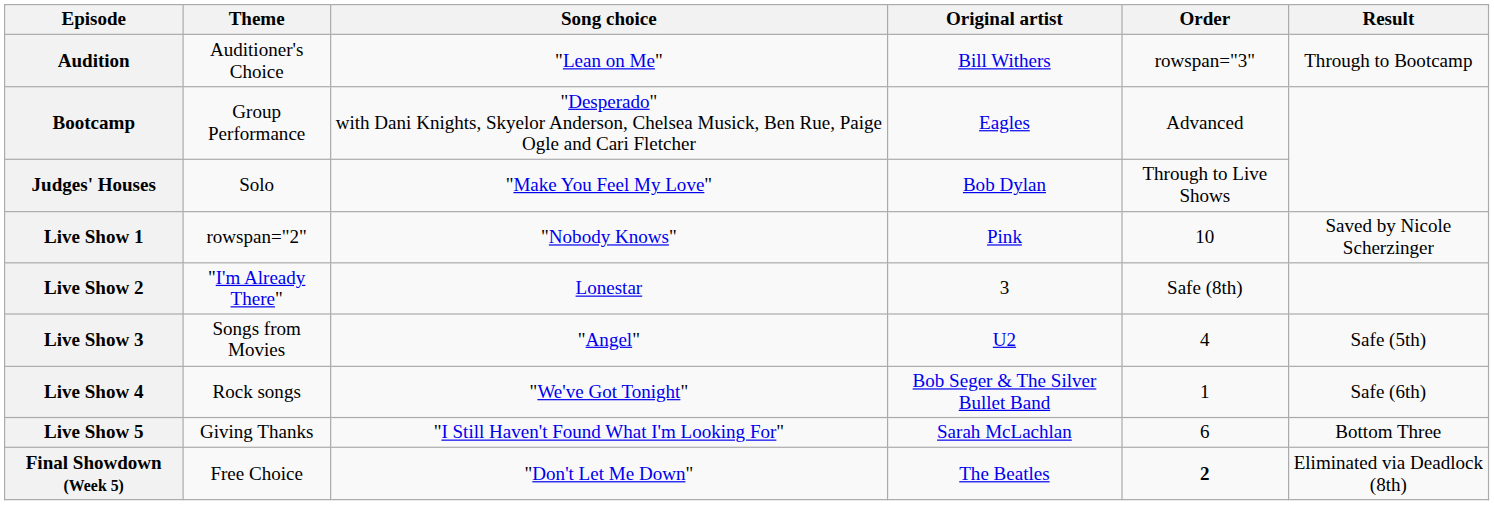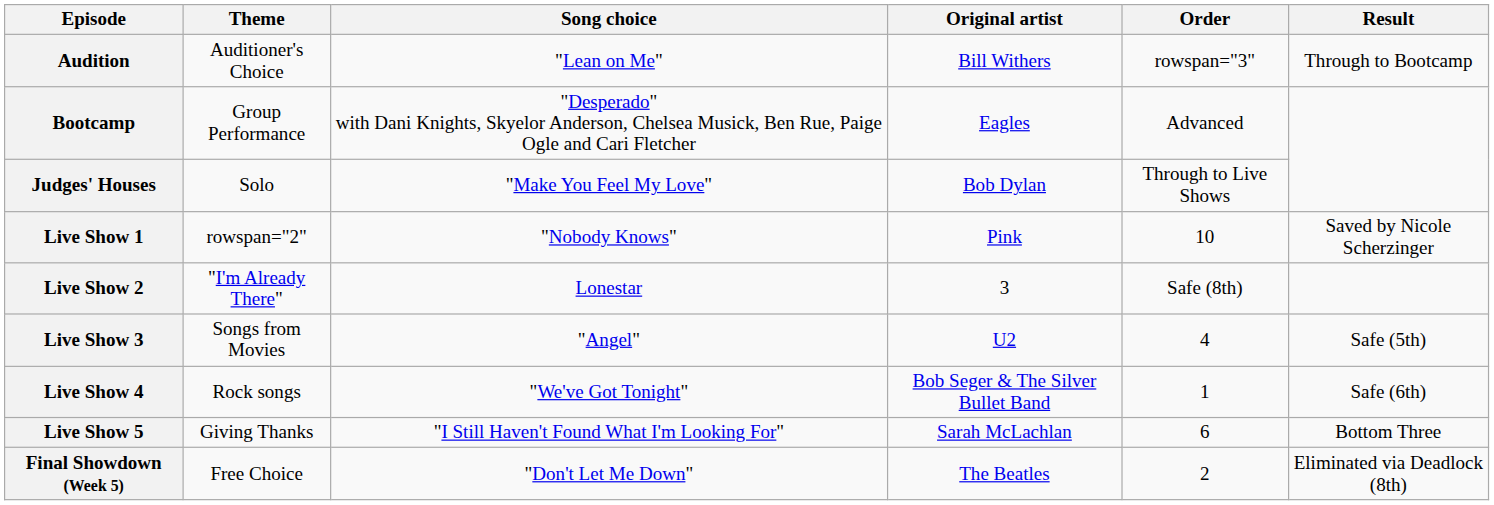 <table class="wikitable" style="text-align: center;">
 <tr>
 <th>Episode</th>
 <th>Theme</th>
 <th>Song choice</th>
 <th>Original artist</th>
 <th>Order</th>
 <th>Result</th>
 </tr>
 <tr>
 <th>Audition</th>
 <td>Auditioner's Choice</td>
 <td>"<a href='#'>Lean on Me</a>"</td>
 <td><a href='#'>Bill Withers</a></td>
 <td>rowspan="3" </td>
 <td>Through to Bootcamp</td>
 </tr>
 <tr>
 <th>Bootcamp</th>
 <td>Group Performance</td>
 <td>"<a href='#'>Desperado</a>" <br><span>with Dani Knights, Skyelor Anderson, Chelsea Musick, Ben Rue, Paige Ogle and Cari Fletcher</span></td>
 <td><a href='#'>Eagles</a></td>
 <td>Advanced</td>
 </tr>
 <tr>
 <th>Judges' Houses</th>
 <td>Solo</td>
 <td>"<a href='#'>Make You Feel My Love</a>"</td>
 <td><a href='#'>Bob Dylan</a></td>
 <td>Through to Live Shows</td>
 </tr>
 <tr>
 <th>Live Show 1</th>
 <td>rowspan="2" </td>
 <td>"<a href='#'>Nobody Knows</a>"</td>
 <td><a href='#'>Pink</a></td>
 <td>10</td>
 <td>Saved by Nicole Scherzinger</td>
 </tr>
 <tr>
 <th>Live Show 2</th>
 <td>"<a href='#'>I'm Already There</a>"</td>
 <td><a href='#'>Lonestar</a></td>
 <td>3</td>
 <td>Safe (8th)</td>
 </tr>
 <tr>
 <th>Live Show 3</th>
 <td>Songs from Movies</td>
 <td>"<a href='#'>Angel</a>"</td>
 <td><a href='#'>U2</a></td>
 <td>4</td>
 <td>Safe (5th)</td>
 </tr>
 <tr>
 <th>Live Show 4</th>
 <td>Rock songs</td>
 <td>"<a href='#'>We've Got Tonight</a>"</td>
 <td><a href='#'>Bob Seger & The Silver Bullet Band</a></td>
 <td>1</td>
 <td>Safe (6th)</td>
 </tr>
 <tr>
 <th>Live Show 5</th>
 <td>Giving Thanks</td>
 <td>"<a href='#'>I Still Haven't Found What I'm Looking For</a>"</td>
 <td><a href='#'>Sarah McLachlan</a></td>
 <td>6</td>
 <td>Bottom Three</td>
 </tr>
 <tr>
 <th>Final Showdown <small>(Week 5)</small></th>
 <td>Free Choice</td>
 <td>"<a href='#'>Don't Let Me Down</a>"</td>
 <td><a href='#'>The Beatles</a></td>
-<td><strong>2</strong></td>
+<td>2</td>
 <td>Eliminated via Deadlock (8th)</td>
 </tr>
 </table>
